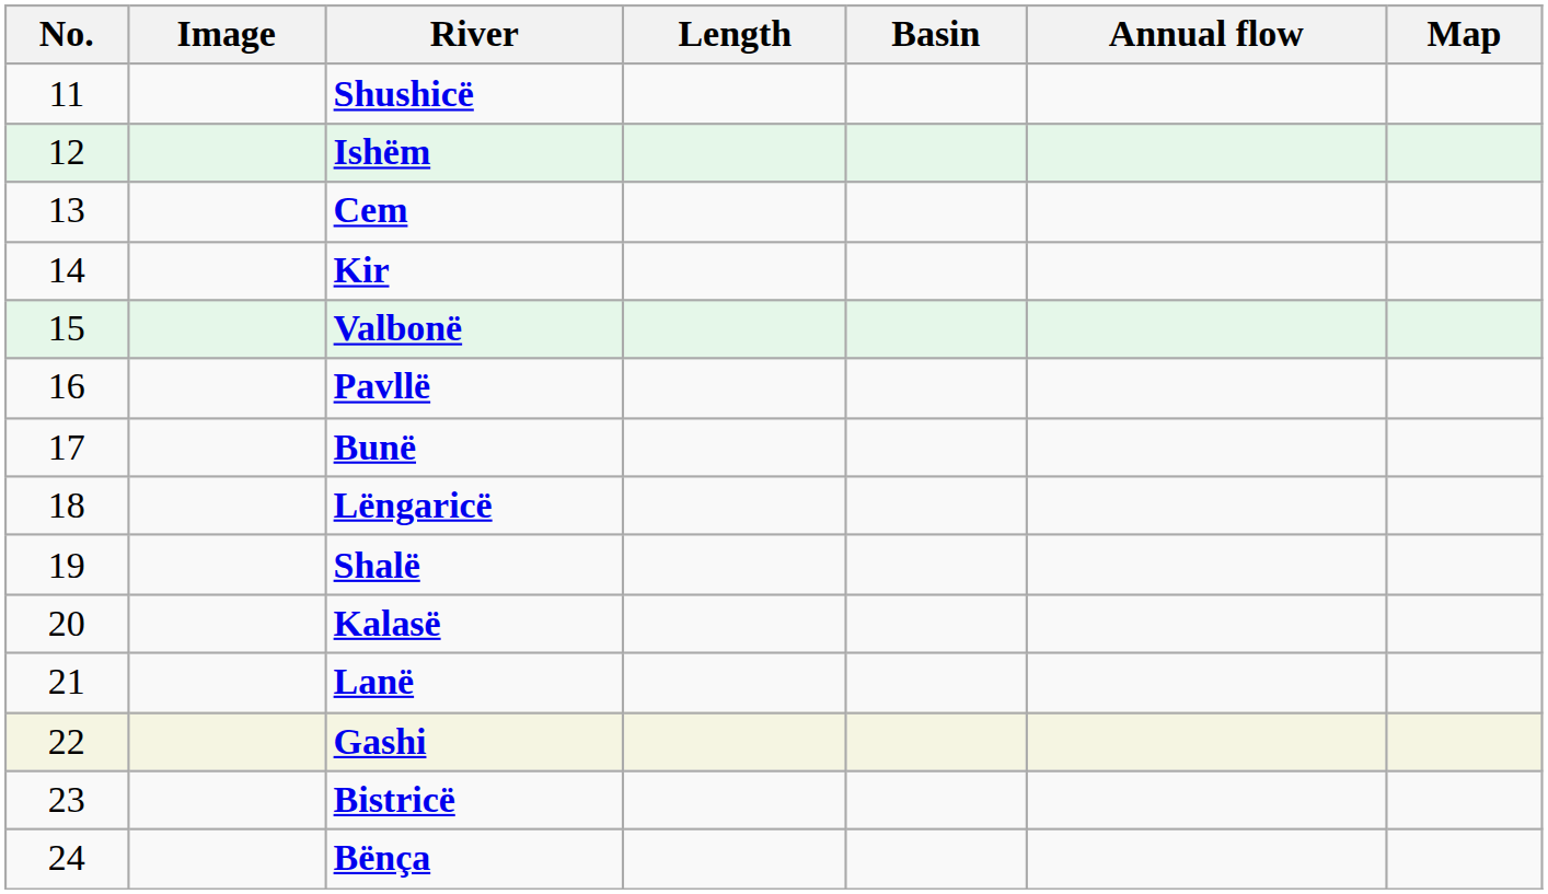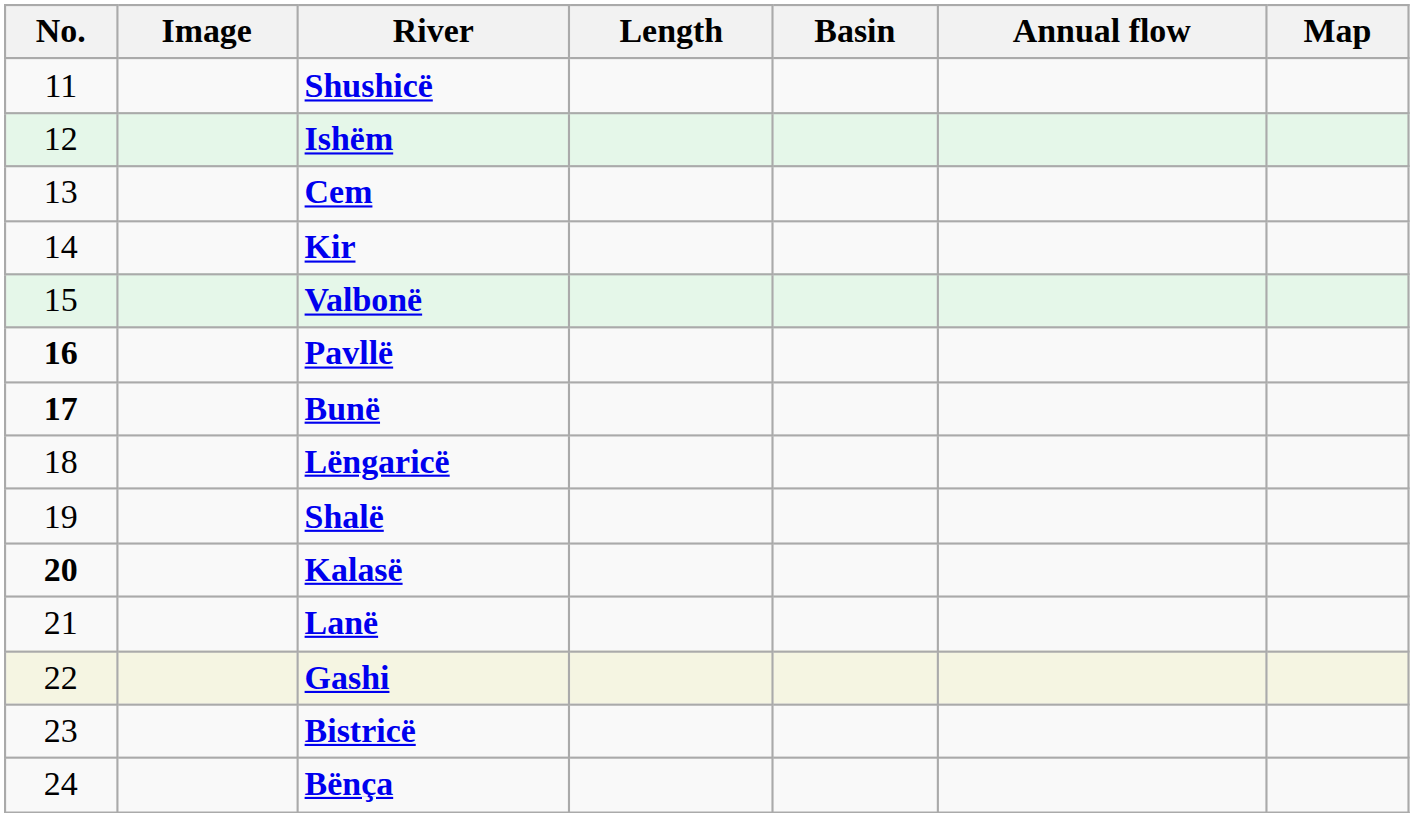 <table class="wikitable sortable"; width="75%">
 <tr>
 <th>No.</th>
 <th class="unsortable">Image</th>
 <th>River</th>
 <th>Length</th>
 <th>Basin</th>
 <th>Annual flow</th>
 <th class="unsortable">Map</th>
 </tr>
 <tr>
 <td align="center">11</td>
 <td></td>
 <td><strong><a href='#'>Shushicë</a></strong></td>
 <td></td>
 <td></td>
 <td></td>
 <td></td>
 </tr>
 <tr bgcolor="#e5f7e9">
 <td align="center">12</td>
 <td></td>
 <td><strong><a href='#'>Ishëm</a></strong></td>
 <td></td>
 <td></td>
 <td></td>
 <td></td>
 </tr>
 <tr>
 <td align="center">13</td>
 <td></td>
 <td><strong><a href='#'>Cem</a></strong></td>
 <td></td>
 <td></td>
 <td></td>
 <td></td>
 </tr>
 <tr>
 <td align="center">14</td>
 <td></td>
 <td><strong><a href='#'>Kir</a></strong></td>
 <td></td>
 <td></td>
 <td></td>
 <td></td>
 </tr>
 <tr bgcolor="#e5f7e9">
 <td align="center">15</td>
 <td></td>
 <td><strong><a href='#'>Valbonë</a></strong></td>
 <td></td>
 <td></td>
 <td></td>
 <td></td>
 </tr>
 <tr>
-<td align="center">16</td>
+<td align="center"><strong>16</strong></td>
 <td></td>
 <td><strong><a href='#'>Pavllë</a></strong></td>
 <td></td>
 <td></td>
 <td></td>
 <td></td>
 </tr>
 <tr>
-<td align="center">17</td>
+<td align="center"><strong>17</strong></td>
 <td></td>
 <td><strong><a href='#'>Bunë</a></strong></td>
 <td></td>
 <td></td>
 <td></td>
 <td></td>
 </tr>
 <tr>
 <td align="center">18</td>
 <td></td>
 <td><strong><a href='#'>Lëngaricë</a></strong></td>
 <td></td>
 <td></td>
 <td></td>
 <td></td>
 </tr>
 <tr>
 <td align="center">19</td>
 <td></td>
 <td><strong><a href='#'>Shalë</a></strong></td>
 <td></td>
 <td></td>
 <td></td>
 <td></td>
 </tr>
 <tr>
-<td align="center">20</td>
+<td align="center"><strong>20</strong></td>
 <td></td>
 <td><strong><a href='#'>Kalasë</a></strong></td>
 <td></td>
 <td></td>
 <td></td>
 <td></td>
 </tr>
 <tr>
 <td align="center">21</td>
 <td></td>
 <td><strong><a href='#'>Lanë</a></strong></td>
 <td></td>
 <td></td>
 <td></td>
 <td></td>
 </tr>
 <tr bgcolor="#f5f5e2">
 <td align="center">22</td>
 <td></td>
 <td><strong><a href='#'>Gashi</a></strong></td>
 <td></td>
 <td></td>
 <td></td>
 <td></td>
 </tr>
 <tr>
 <td align="center">23</td>
 <td></td>
 <td><strong><a href='#'>Bistricë</a></strong></td>
 <td></td>
 <td></td>
 <td></td>
 <td></td>
 </tr>
 <tr>
 <td align="center">24</td>
 <td></td>
 <td><strong><a href='#'>Bënça</a></strong></td>
 <td></td>
 <td></td>
 <td></td>
 <td></td>
 </tr>
 <tr>
 </tr>
 </table>
